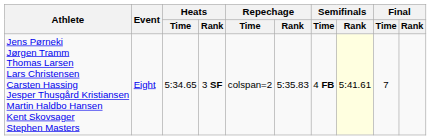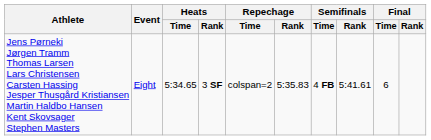 <table class="wikitable" style="font-size:90%">
 <tr>
 <th rowspan="2">Athlete</th>
 <th rowspan="2">Event</th>
 <th colspan="2">Heats</th>
 <th colspan="2">Repechage</th>
 <th colspan="2">Semifinals</th>
 <th colspan="2">Final</th>
 </tr>
 <tr style="font-size:95%">
 <th>Time</th>
 <th>Rank</th>
 <th>Time</th>
 <th>Rank</th>
 <th>Time</th>
 <th>Rank</th>
 <th>Time</th>
 <th>Rank</th>
 </tr>
 <tr align=center>
 <td align=left><a href='#'>Jens Pørneki</a><br><a href='#'>Jørgen Tramm</a><br><a href='#'>Thomas Larsen</a><br><a href='#'>Lars Christensen</a><br><a href='#'>Carsten Hassing</a><br><a href='#'>Jesper Thusgård Kristiansen</a><br><a href='#'>Martin Haldbo Hansen</a><br><a href='#'>Kent Skovsager</a><br><a href='#'>Stephen Masters</a></td>
 <td align=left><a href='#'>Eight</a></td>
 <td>5:34.65</td>
 <td>3 <strong>SF</strong></td>
 <td>colspan=2</td>
 <td>5:35.83</td>
 <td>4 <strong>FB</strong></td>
-<td style="background: lightyellow;">5:41.61</td>
-<td>7</td>
+<td>5:41.61</td>
+<td>6</td>
 </tr>
 </table>
